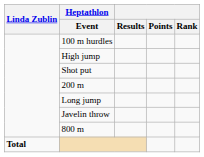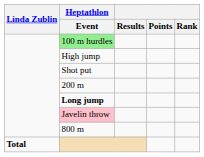 <table class=wikitable style="font-size:90%;">
 <tr>
 <th rowspan="2"><a href='#'>Linda Zublin</a></th>
 <th><a href='#'>Heptathlon</a></th>
 <th colspan="3"></th>
 </tr>
 <tr>
 <th>Event</th>
 <th>Results</th>
 <th>Points</th>
 <th>Rank</th>
 </tr>
 <tr style="border-top: single;">
 <td rowspan="7"></td>
-<td>100 m hurdles</td>
+<td style="background: lightgreen;">100 m hurdles</td>
 <td align=center></td>
 <td align=center></td>
 <td align=center></td>
 </tr>
 <tr>
 <td>High jump</td>
 <td align=center></td>
 <td align=center></td>
 <td align=center></td>
 </tr>
 <tr>
 <td>Shot put</td>
 <td align=center></td>
 <td align=center></td>
 <td align=center></td>
 </tr>
 <tr>
 <td>200 m</td>
 <td align=center></td>
 <td align=center></td>
 <td align=center></td>
 </tr>
 <tr>
-<td>Long jump</td>
+<td><strong>Long jump</strong></td>
 <td align=center></td>
 <td align=center></td>
 <td align=center></td>
 </tr>
 <tr>
-<td>Javelin throw</td>
+<td style="background: pink;">Javelin throw</td>
 <td align=center></td>
 <td align=center></td>
 <td align=center></td>
 </tr>
 <tr>
 <td>800 m</td>
 <td align=center></td>
 <td align=center></td>
 <td align=center></td>
 </tr>
 <tr style="border-top: single;">
 <td><strong>Total</strong></td>
 <td colspan="2" style="background:wheat;"></td>
 <td align=center></td>
 <td align=center></td>
 </tr>
 </table>
